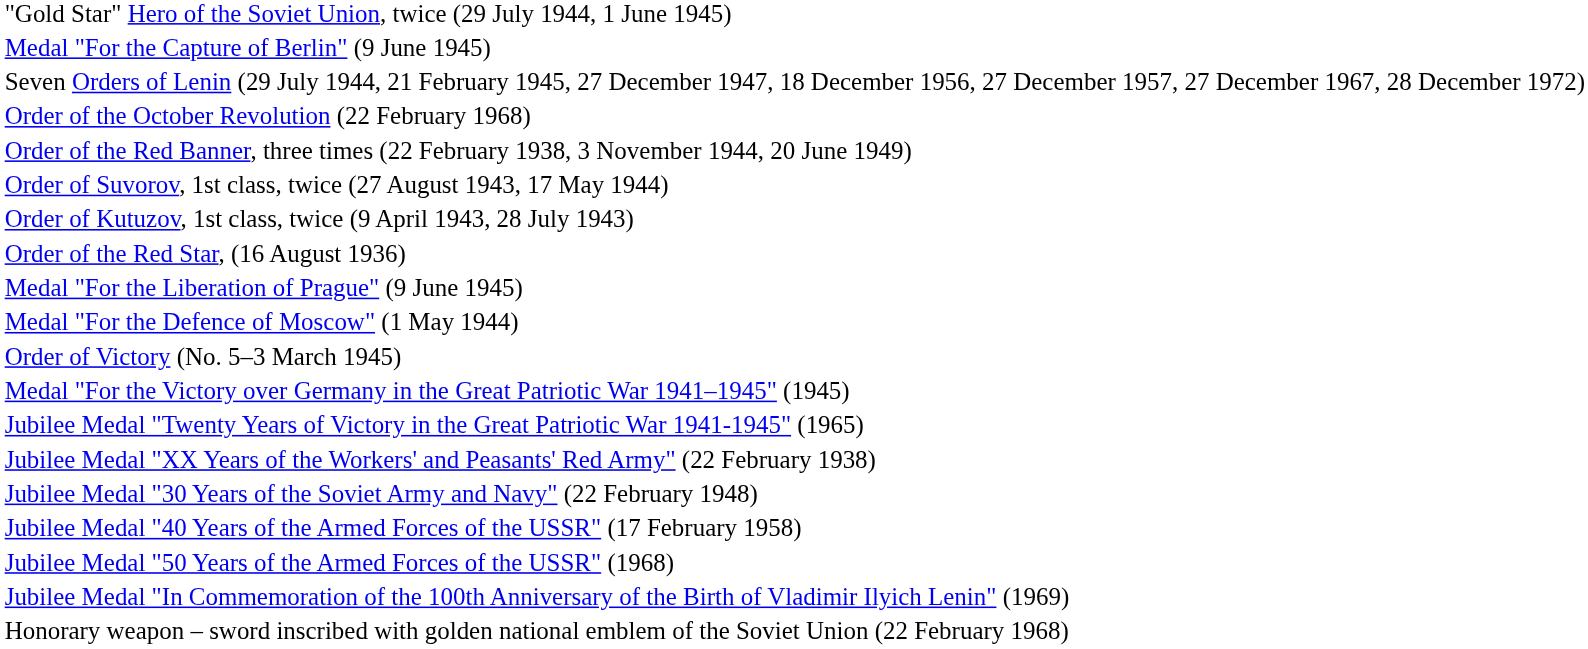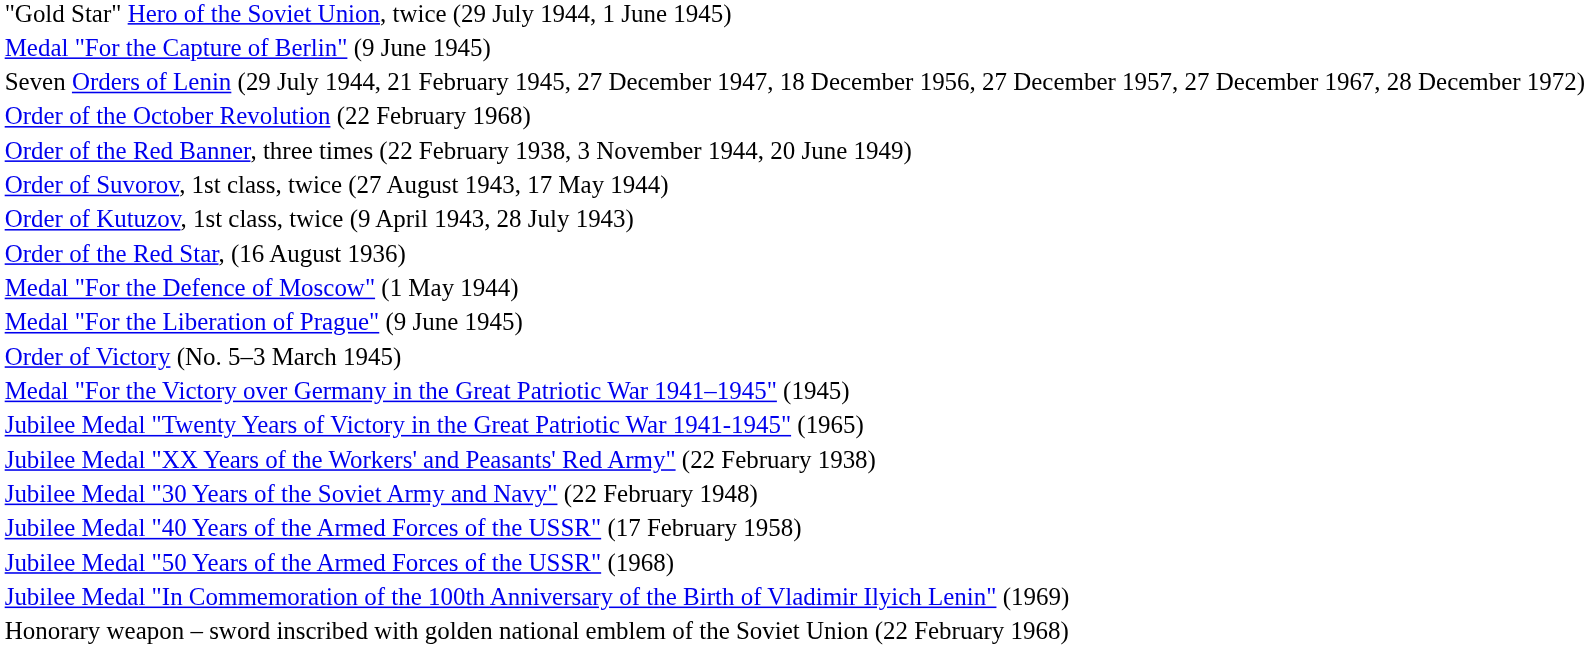 <table>
 <tr>
 <td>"Gold Star" <a href='#'>Hero of the Soviet Union</a>, twice (29 July 1944, 1 June 1945)</td>
 </tr>
 <tr>
 <td><a href='#'>Medal "For the Capture of Berlin"</a> (9 June 1945)</td>
 </tr>
 <tr>
 <td>Seven <a href='#'>Orders of Lenin</a> (29 July 1944, 21 February 1945, 27 December 1947, 18 December 1956, 27 December 1957, 27 December 1967, 28 December 1972)</td>
 </tr>
 <tr>
 <td><a href='#'>Order of the October Revolution</a> (22 February 1968)</td>
 </tr>
 <tr>
 <td><a href='#'>Order of the Red Banner</a>, three times (22 February 1938, 3 November 1944, 20 June 1949)</td>
 </tr>
 <tr>
 <td><a href='#'>Order of Suvorov</a>, 1st class, twice (27 August 1943, 17 May 1944)</td>
 </tr>
 <tr>
 <td><a href='#'>Order of Kutuzov</a>, 1st class, twice (9 April 1943, 28 July 1943)</td>
 </tr>
 <tr>
 <td><a href='#'>Order of the Red Star</a>, (16 August 1936)</td>
 </tr>
 <tr>
-<td><a href='#'>Medal "For the Liberation of Prague"</a> (9 June 1945)</td>
+<td><a href='#'>Medal "For the Defence of Moscow"</a> (1 May 1944)</td>
 </tr>
 <tr>
-<td><a href='#'>Medal "For the Defence of Moscow"</a> (1 May 1944)</td>
+<td><a href='#'>Medal "For the Liberation of Prague"</a> (9 June 1945)</td>
 </tr>
 <tr>
 <td><a href='#'>Order of Victory</a> (No. 5–3 March 1945)</td>
 </tr>
 <tr>
 <td><a href='#'>Medal "For the Victory over Germany in the Great Patriotic War 1941–1945"</a> (1945)</td>
 </tr>
 <tr>
 <td><a href='#'>Jubilee Medal "Twenty Years of Victory in the Great Patriotic War 1941-1945"</a> (1965)</td>
 </tr>
 <tr>
 <td><a href='#'>Jubilee Medal "XX Years of the Workers' and Peasants' Red Army"</a> (22 February 1938)</td>
 </tr>
 <tr>
 <td><a href='#'>Jubilee Medal "30 Years of the Soviet Army and Navy"</a> (22 February 1948)</td>
 </tr>
 <tr>
 <td><a href='#'>Jubilee Medal "40 Years of the Armed Forces of the USSR"</a> (17 February 1958)</td>
 </tr>
 <tr>
 <td><a href='#'>Jubilee Medal "50 Years of the Armed Forces of the USSR"</a> (1968)</td>
 </tr>
 <tr>
 <td><a href='#'>Jubilee Medal "In Commemoration of the 100th Anniversary of the Birth of Vladimir Ilyich Lenin"</a> (1969)</td>
 </tr>
 <tr>
 <td>Honorary weapon – sword inscribed with golden national emblem of the Soviet Union (22 February 1968)</td>
 </tr>
 <tr>
 </tr>
 </table>
